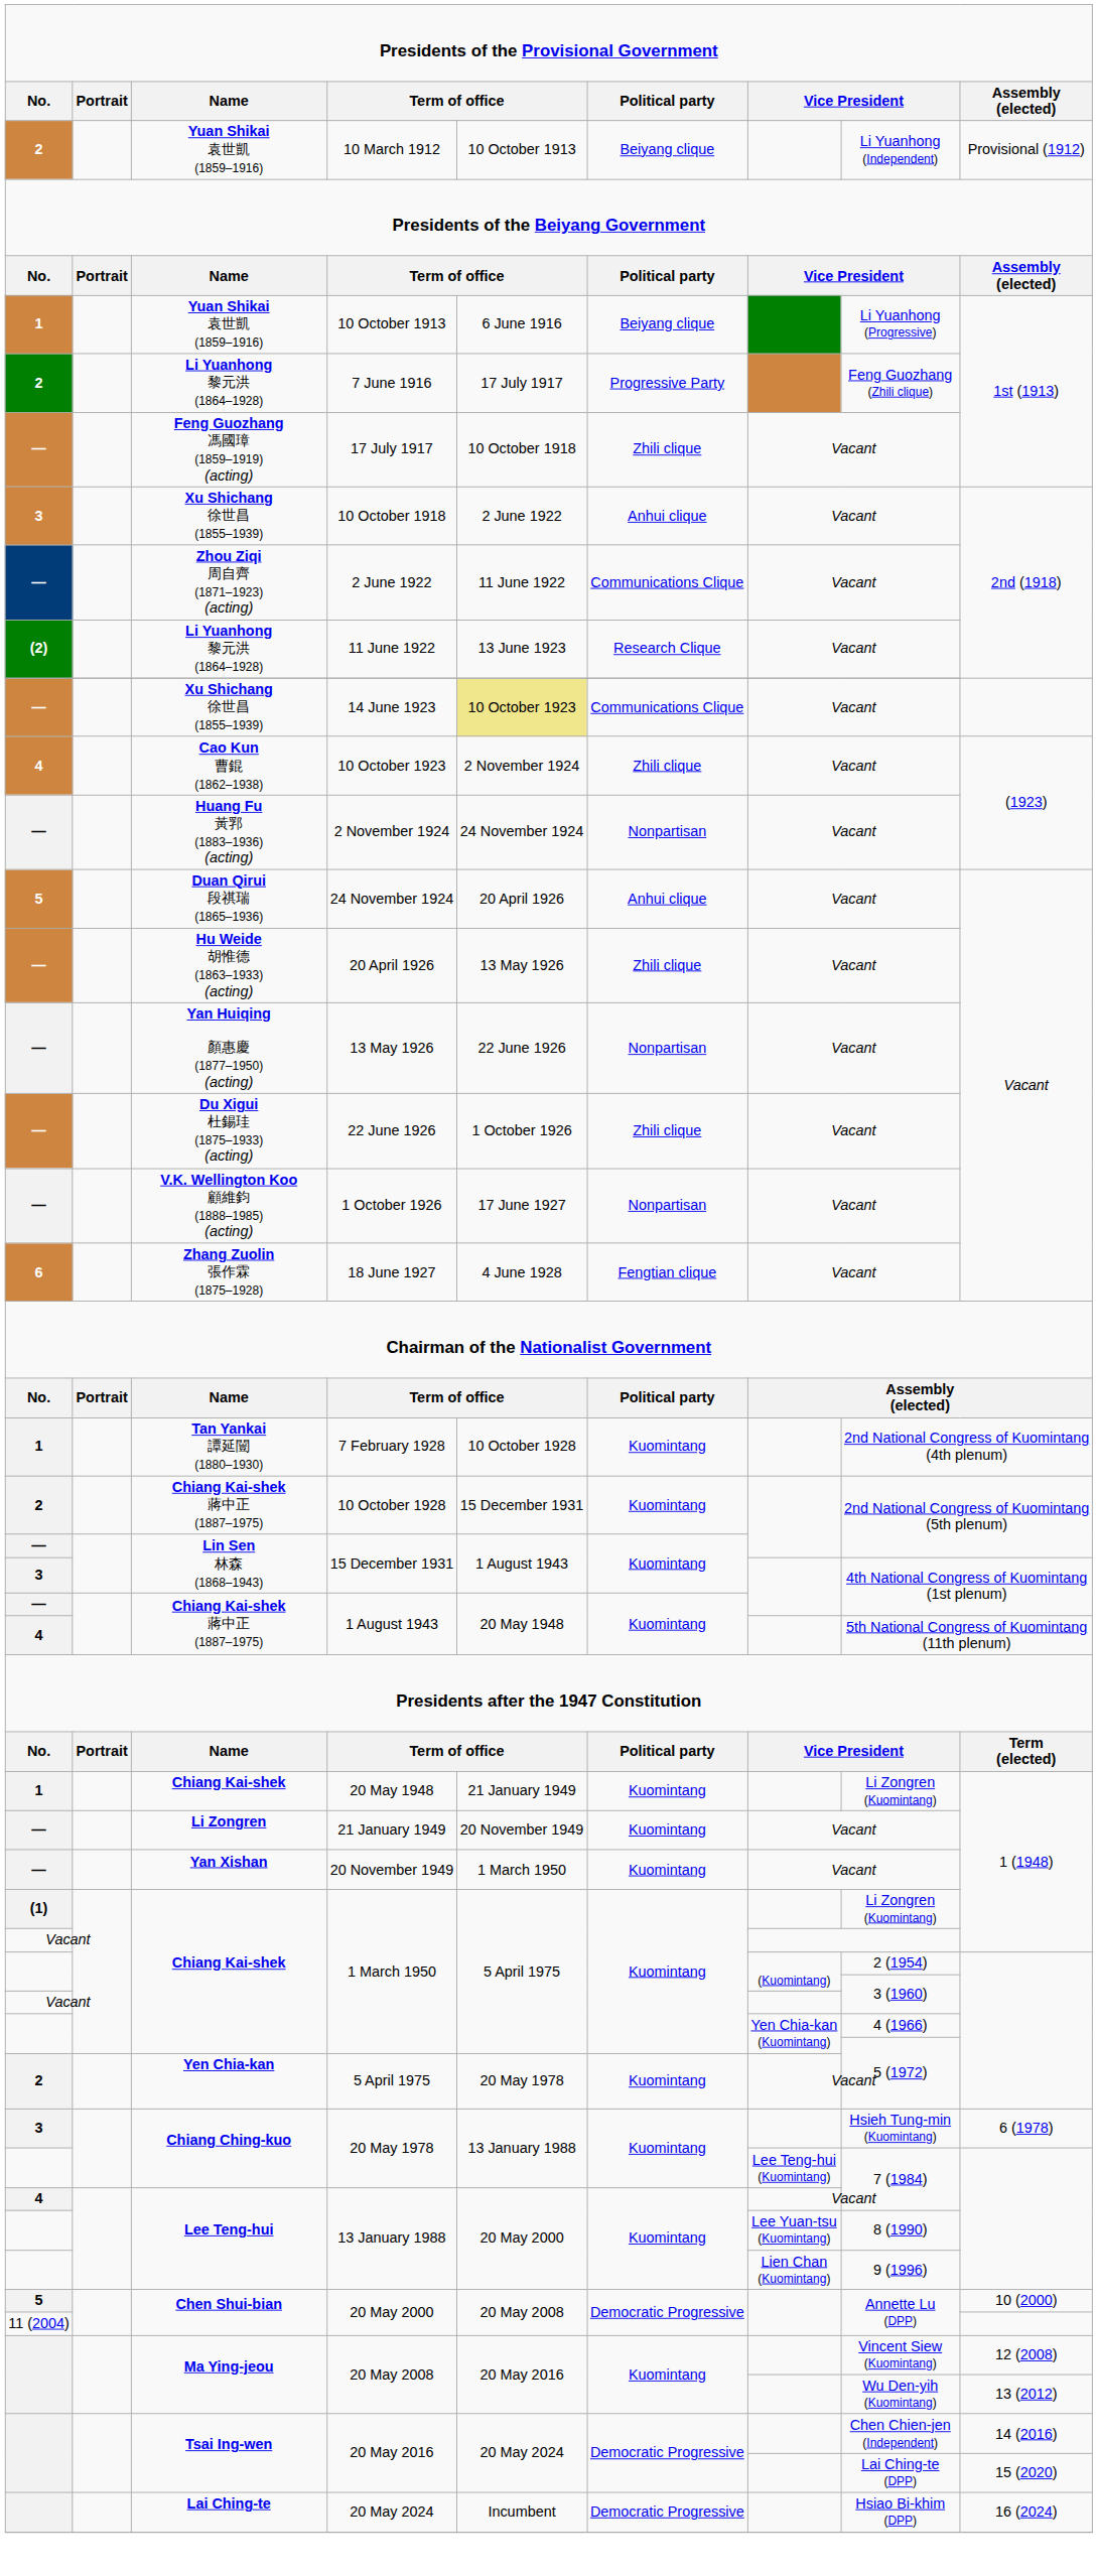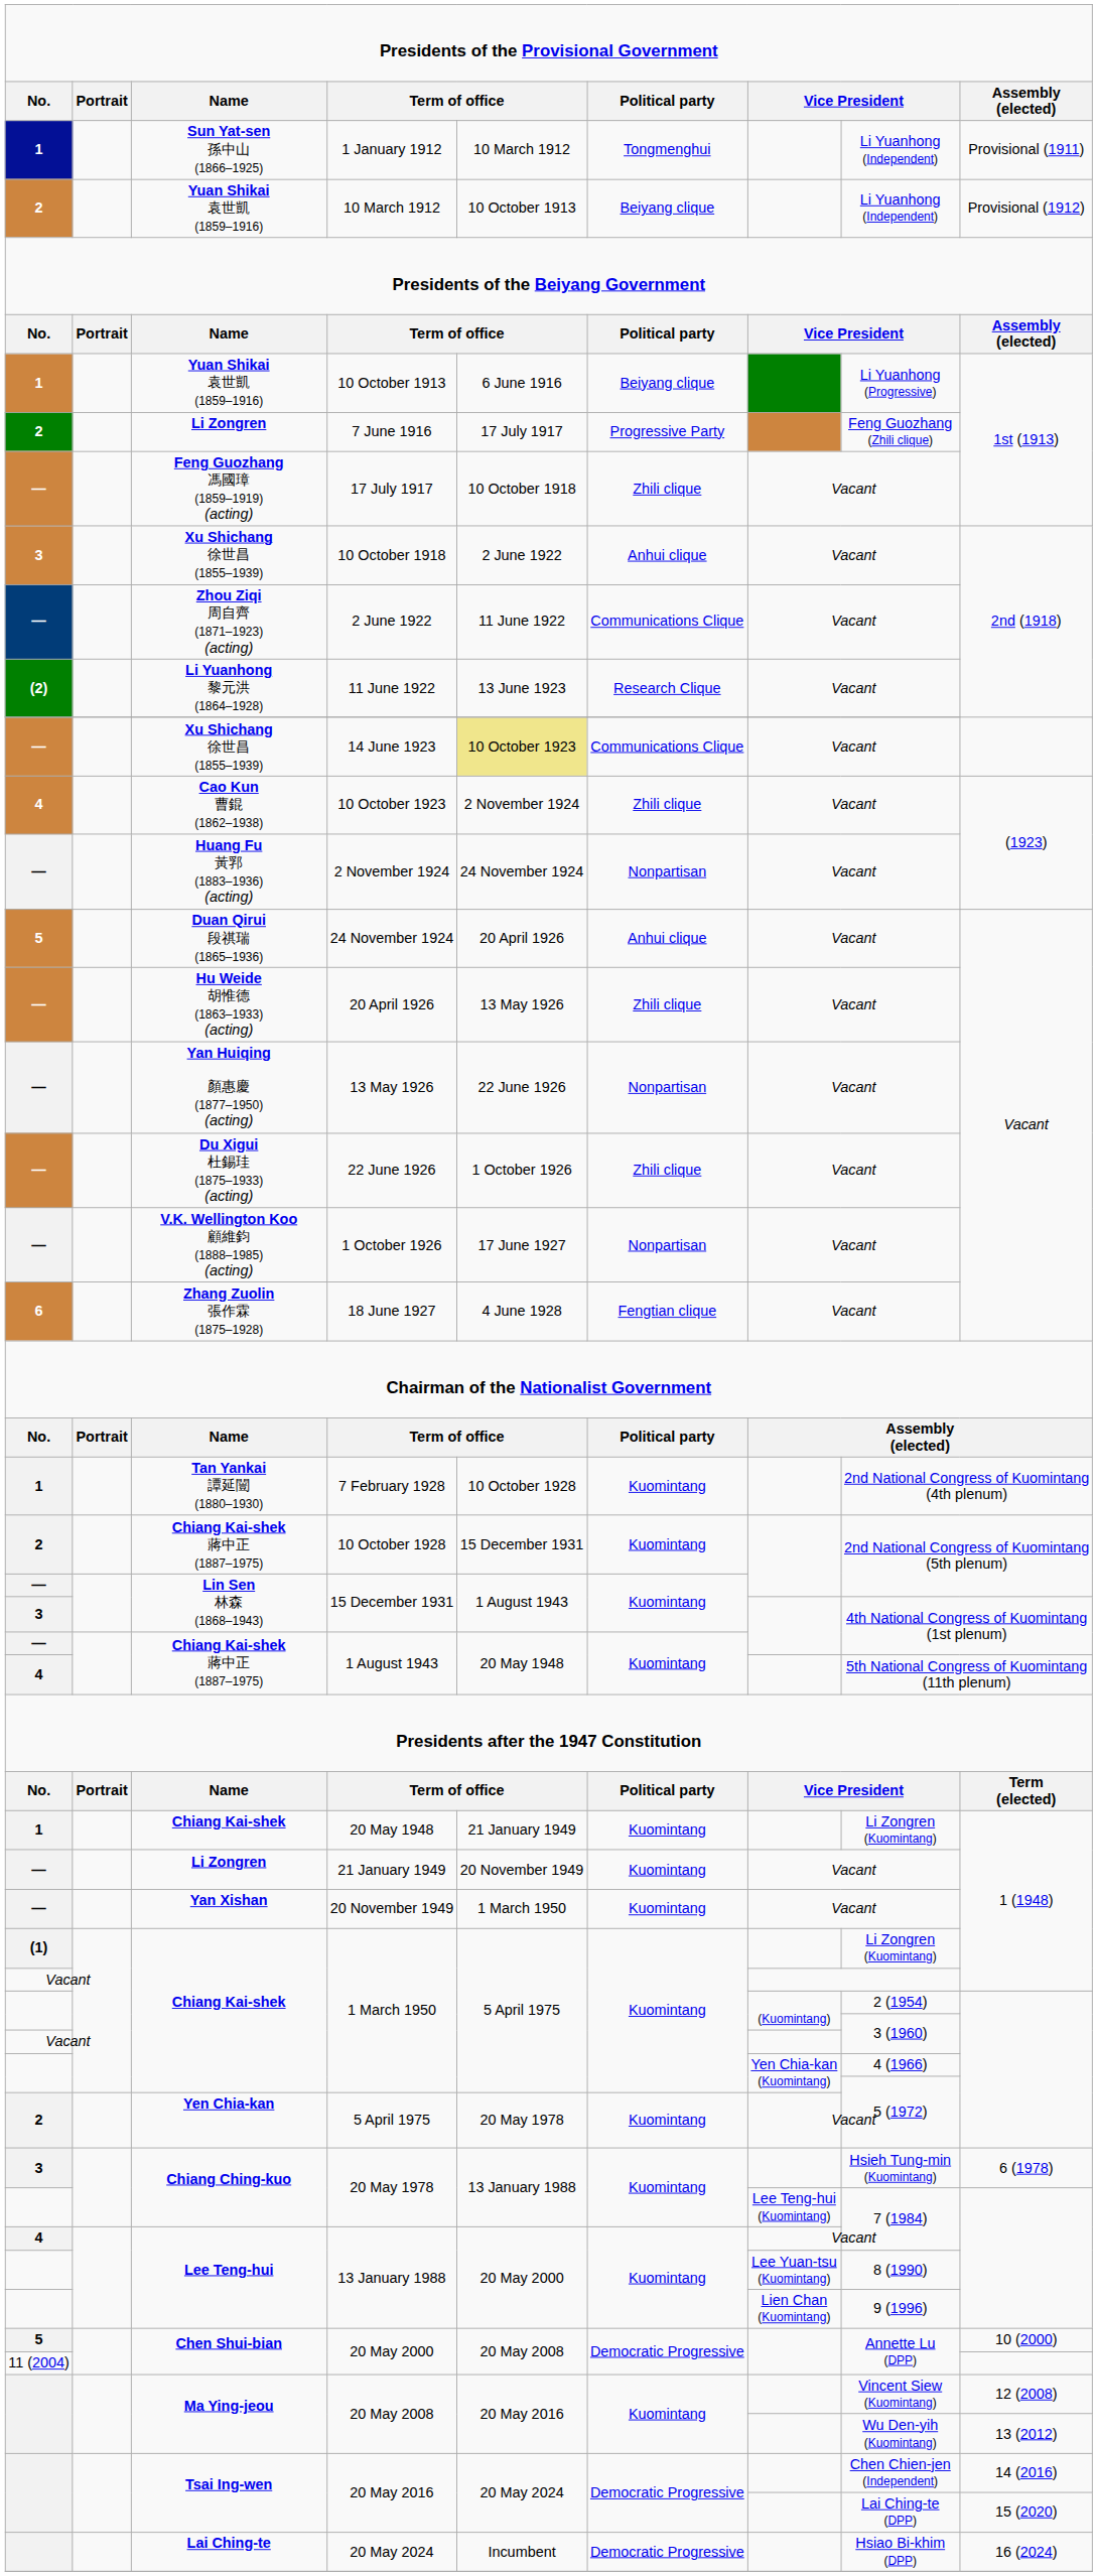 <table class="wikitable" style="margin:1em auto; text-align:center">
 <tr>
 <td colspan=9><br><h3>Presidents of the <a href='#'>Provisional Government</a></h3></td>
 </tr>
 <tr>
 <th>No.</th>
 <th>Portrait</th>
 <th width=18%>Name<br></th>
 <th colspan=2>Term of office</th>
 <th>Political party</th>
 <th colspan=2><a href='#'>Vice President</a></th>
 <th>Assembly<br>(elected)</th>
+</tr>
+<tr>
+<th style="background:#031096; color:white;">1</th>
+<td></td>
+<td align=center><strong><a href='#'>Sun Yat-sen</a></strong><br><span>孫中山</span><br><small>(1866–1925)</small></td>
+<td>1 January 1912</td>
+<td>10 March 1912</td>
+<td><a href='#'>Tongmenghui</a></td>
+<td></td>
+<td><a href='#'>Li Yuanhong</a> <br><small>(<a href='#'>Independent</a>)</small></td>
+<td align="center">Provisional (<a href='#'>1911</a>)</td>
 </tr>
 <tr>
 <th style="background:#CD853F; color:white;">2</th>
 <td></td>
 <td align=center><strong><a href='#'>Yuan Shikai</a></strong><br><span>袁世凱</span><br><small>(1859–1916)</small></td>
 <td>10 March 1912</td>
 <td>10 October 1913</td>
 <td><a href='#'>Beiyang clique</a></td>
 <td></td>
 <td><a href='#'>Li Yuanhong</a> <br><small>(<a href='#'>Independent</a>)</small></td>
 <td align="center">Provisional (<a href='#'>1912</a>)</td>
 </tr>
 <tr>
 <td colspan=9><br><h3>Presidents of the <a href='#'>Beiyang Government</a></h3></td>
 </tr>
 <tr>
 <th>No.</th>
 <th>Portrait</th>
 <th width=18%>Name<br></th>
 <th colspan=2>Term of office</th>
 <th>Political party</th>
 <th colspan=2><a href='#'>Vice President</a></th>
 <th><a href='#'>Assembly</a><br>(elected)</th>
 </tr>
 <tr>
 <th style="background:#CD853F; color:white;">1</th>
 <td></td>
 <td align=center><strong><a href='#'>Yuan Shikai</a></strong><br><span>袁世凱</span><br><small>(1859–1916)</small></td>
 <td>10 October 1913</td>
 <td>6 June 1916</td>
 <td><a href='#'>Beiyang clique</a></td>
 <td bgcolor=#008000></td>
 <td><a href='#'>Li Yuanhong</a><br> <small>(<a href='#'>Progressive</a>)</small></td>
 <td rowspan=3><a href='#'>1st</a> (<a href='#'>1913</a>)</td>
 </tr>
 <tr ->
 <th style="background:#008000; color:white;">2</th>
 <td></td>
-<td align=center><strong><a href='#'>Li Yuanhong</a></strong><br><span>黎元洪</span><br><small>(1864–1928)</small></td>
+<td><strong><a href='#'>Li Zongren</a></strong><br><br></td>
 <td>7 June 1916</td>
 <td>17 July 1917</td>
 <td><a href='#'>Progressive Party</a></td>
 <td bgcolor=#CD853F></td>
 <td><a href='#'>Feng Guozhang</a><br> <small>(<a href='#'>Zhili clique</a>)</small></td>
 </tr>
 <tr>
 <th style="background:#CD853F; color:white;">—</th>
 <td></td>
 <td align=center><strong><a href='#'>Feng Guozhang</a></strong><br><span>馮國璋</span><br><small>(1859–1919)</small><br><em>(acting)</em></td>
 <td>17 July 1917</td>
 <td>10 October 1918</td>
 <td><a href='#'>Zhili clique</a></td>
 <td colspan=2><em>Vacant</em></td>
 </tr>
 <tr>
 <th style="background:#CD853F; color:white;">3</th>
 <td></td>
 <td align=center><strong><a href='#'>Xu Shichang</a></strong><br><span>徐世昌</span><br><small>(1855–1939)</small></td>
 <td>10 October 1918</td>
 <td>2 June 1922</td>
 <td><a href='#'>Anhui clique</a></td>
 <td colspan=2><em>Vacant</em></td>
 <td rowspan=4><a href='#'>2nd</a> (<a href='#'>1918</a>)</td>
 </tr>
 <tr>
 <th style="background:#013C78; color:white;">—</th>
 <td></td>
 <td align=center><strong><a href='#'>Zhou Ziqi</a></strong><br><span>周自齊</span><br><small>(1871–1923)</small><br><em>(acting)</em></td>
 <td>2 June 1922</td>
 <td>11 June 1922</td>
 <td><a href='#'>Communications Clique</a></td>
 <td colspan=2><em>Vacant</em></td>
 </tr>
 <tr>
 <th style="background:#008000; color:white;">(2)</th>
 <td></td>
 <td align=center><strong><a href='#'>Li Yuanhong</a></strong><br><span>黎元洪</span><br><small>(1864–1928)</small></td>
 <td>11 June 1922</td>
 <td>13 June 1923</td>
 <td><a href='#'>Research Clique</a></td>
 <td colspan=2><em>Vacant</em></td>
 </tr>
 <tr>
 </tr>
 <tr>
 <th style="background:#CD853F; color:white;">—</th>
 <td></td>
 <td align=center><strong><a href='#'>Xu Shichang</a></strong><br><span>徐世昌</span><br><small>(1855–1939)</small></td>
 <td>14 June 1923</td>
 <td style="background: khaki;">10 October 1923</td>
 <td><a href='#'>Communications Clique</a></td>
 <td colspan=2><em>Vacant</em></td>
 </tr>
 <tr>
 <th style="background:#CD853F; color:white;">4</th>
 <td></td>
 <td align=center><strong><a href='#'>Cao Kun</a></strong><br><span>曹錕</span><br><small>(1862–1938)</small></td>
 <td>10 October 1923</td>
 <td>2 November 1924</td>
 <td><a href='#'>Zhili clique</a></td>
 <td colspan=2><em>Vacant</em></td>
 <td rowspan=3>(<a href='#'>1923</a>)</td>
 </tr>
 <tr>
 <th style="background:">—</th>
 <td></td>
 <td align=center><strong><a href='#'>Huang Fu</a></strong><br><span>黃郛</span><br><small>(1883–1936)</small><br><em>(acting)</em></td>
 <td>2 November 1924</td>
 <td>24 November 1924</td>
 <td><a href='#'>Nonpartisan</a></td>
 <td colspan=2><em>Vacant</em></td>
 </tr>
 <tr>
 <th rowspan=2 style="background:#CD853F; color:white;">5</th>
 <td rowspan=2></td>
 <td rowspan=2 align=center><strong><a href='#'>Duan Qirui</a></strong><br><span>段祺瑞</span><br><small>(1865–1936)<br></small></td>
 <td rowspan=2>24 November 1924</td>
 <td rowspan=2>20 April 1926</td>
 <td rowspan=2><a href='#'>Anhui clique</a></td>
 <td rowspan=2 colspan=2><em>Vacant</em></td>
 </tr>
 <tr>
 <td rowspan=6><em>Vacant</em></td>
 </tr>
 <tr>
 <th style="background:#CD853F; color:white;">—</th>
 <td></td>
 <td><strong><a href='#'>Hu Weide</a></strong><br><span>胡惟德</span><br><small>(1863–1933)</small><br><em>(acting)</em></td>
 <td>20 April 1926</td>
 <td>13 May 1926</td>
 <td><a href='#'>Zhili clique</a></td>
 <td colspan=2><em>Vacant</em></td>
 </tr>
 <tr>
 <th style="background:">—</th>
 <td></td>
 <td><strong><a href='#'>Yan Huiqing<br></a></strong><br><span>顏惠慶</span><br><small>(1877–1950)</small><br><em>(acting)</em></td>
 <td>13 May 1926</td>
 <td>22 June 1926</td>
 <td><a href='#'>Nonpartisan</a></td>
 <td colspan=2><em>Vacant</em></td>
 </tr>
 <tr>
 <th style="background:#CD853F; color:white;">—</th>
 <td></td>
 <td><strong><a href='#'>Du Xigui</a></strong><br><span>杜錫珪</span><br><small>(1875–1933)</small><br><em>(acting)</em></td>
 <td>22 June 1926</td>
 <td>1 October 1926</td>
 <td><a href='#'>Zhili clique</a></td>
 <td colspan=2><em>Vacant</em></td>
 </tr>
 <tr>
 <th style="background:">—</th>
 <td></td>
 <td><strong><a href='#'>V.K. Wellington Koo</a></strong><br><span>顧維鈞</span><br><small>(1888–1985)</small><br><em>(acting)</em></td>
 <td>1 October 1926</td>
 <td>17 June 1927</td>
 <td><a href='#'>Nonpartisan</a></td>
 <td colspan=2><em>Vacant</em></td>
 </tr>
 <tr>
 <th style="background:#CD853F; color:white;">6</th>
 <td></td>
 <td align=center><strong><a href='#'>Zhang Zuolin</a></strong><br><span>張作霖</span><br><small>(1875–1928)</small></td>
 <td>18 June 1927</td>
 <td>4 June 1928</td>
 <td><a href='#'>Fengtian clique</a></td>
 <td colspan=2><em>Vacant</em></td>
 </tr>
 <tr>
 <td colspan=9><br><h3>Chairman of the <a href='#'>Nationalist Government</a></h3></td>
 </tr>
 <tr>
 <th>No.</th>
 <th>Portrait</th>
 <th width=18%>Name<br></th>
 <th colspan=2>Term of office</th>
 <th>Political party</th>
 <th colspan=3>Assembly<br>(elected)</th>
 </tr>
 <tr>
 <th style="background:">1</th>
 <td></td>
 <td align=center><strong><a href='#'>Tan Yankai</a></strong><br><span>譚延闓</span><br><small>(1880–1930)</small></td>
 <td>7 February 1928</td>
 <td>10 October 1928</td>
 <td><a href='#'>Kuomintang</a></td>
 <td></td>
 <td colspan=2><a href='#'>2nd National Congress of Kuomintang</a><br>(4th plenum)</td>
 </tr>
 <tr>
 <th style="background:">2</th>
 <td></td>
 <td align=center><strong><a href='#'>Chiang Kai-shek</a></strong><br><span>蔣中正</span><br><small>(1887–1975)</small></td>
 <td>10 October 1928</td>
 <td>15 December 1931</td>
 <td><a href='#'>Kuomintang</a></td>
 <td rowspan=2></td>
 <td colspan=2 rowspan=2><a href='#'>2nd National Congress of Kuomintang</a><br>(5th plenum)</td>
 </tr>
 <tr>
 <th style="background:">—</th>
 <td rowspan=2></td>
 <td rowspan=2 align=center><strong><a href='#'>Lin Sen</a></strong><br><span>林森</span><br><small>(1868–1943)</small></td>
 <td rowspan=2>15 December 1931</td>
 <td rowspan=2>1 August 1943</td>
 <td rowspan=2><a href='#'>Kuomintang</a></td>
 </tr>
 <tr>
 <th style="background:">3</th>
 <td rowspan=2></td>
 <td rowspan=2 colspan=2><a href='#'>4th National Congress of Kuomintang</a><br>(1st plenum)</td>
 </tr>
 <tr>
 <th style="background:">—</th>
 <td rowspan=2></td>
 <td rowspan=2 align=center><strong><a href='#'>Chiang Kai-shek</a></strong><br><span>蔣中正</span><br><small>(1887–1975)</small></td>
 <td rowspan=2>1 August 1943</td>
 <td rowspan=2>20 May 1948</td>
 <td rowspan=2><a href='#'>Kuomintang</a></td>
 </tr>
 <tr>
 <th style="background:">4</th>
 <td></td>
 <td colspan=2><a href='#'>5th National Congress of Kuomintang</a><br>(11th plenum)</td>
 </tr>
 <tr>
 <td colspan=9><br><h3>Presidents after the 1947 Constitution</h3></td>
 </tr>
 <tr>
 <th>No.</th>
 <th>Portrait</th>
 <th width=18%>Name<br></th>
 <th colspan=2>Term of office</th>
 <th>Political party</th>
 <th colspan=2><a href='#'>Vice President</a></th>
 <th>Term<br>(elected)</th>
 </tr>
 <tr>
 <th style="background:">1</th>
 <td></td>
 <td><strong><a href='#'>Chiang Kai-shek</a></strong><br><br></td>
 <td>20 May 1948</td>
 <td>21 January 1949</td>
 <td><a href='#'>Kuomintang</a></td>
 <td></td>
 <td><a href='#'>Li Zongren</a> <br><small>(<a href='#'>Kuomintang</a>)</small></td>
 <td rowspan=5>1 (<a href='#'>1948</a>)</td>
 </tr>
 <tr>
 <th style="background:">—</th>
 <td></td>
 <td><strong><a href='#'>Li Zongren</a></strong><br><br></td>
 <td>21 January 1949</td>
 <td>20 November 1949</td>
 <td><a href='#'>Kuomintang</a></td>
 <td colspan=2><em>Vacant</em></td>
 </tr>
 <tr>
 <th style="background:">—</th>
 <td></td>
 <td><strong><a href='#'>Yan Xishan</a></strong><br><br></td>
 <td>20 November 1949</td>
 <td>1 March 1950</td>
 <td><a href='#'>Kuomintang</a></td>
 <td colspan=2><em>Vacant</em></td>
 </tr>
 <tr>
 <th style="background:">(1)</th>
 <td rowspan=7></td>
 <td rowspan=7 align=center><strong><a href='#'>Chiang Kai-shek</a></strong><br><br></td>
 <td rowspan=7>1 March 1950</td>
 <td rowspan=7>5 April 1975</td>
 <td rowspan=7><a href='#'>Kuomintang</a></td>
 <td></td>
 <td><a href='#'>Li Zongren</a><br><small>(<a href='#'>Kuomintang</a>)</small></td>
 </tr>
 <tr>
 <td colspan=2><em>Vacant</em></td>
 </tr>
 <tr>
 <td rowspan=2></td>
 <td rowspan=2><br><small>(<a href='#'>Kuomintang</a>)</small></td>
 <td>2 (<a href='#'>1954</a>)</td>
 </tr>
 <tr>
 <td rowspan=2>3 (<a href='#'>1960</a>)</td>
 </tr>
 <tr>
 <td colspan=2><em>Vacant</em></td>
 </tr>
 <tr>
 <td rowspan=2></td>
 <td rowspan=2><a href='#'>Yen Chia-kan</a><br><small>(<a href='#'>Kuomintang</a>)</small></td>
 <td>4 (<a href='#'>1966</a>)</td>
 </tr>
 <tr>
 <td rowspan=2>5 (<a href='#'>1972</a>)</td>
 </tr>
 <tr>
 <th style="background:">2</th>
 <td></td>
 <td><strong><a href='#'>Yen Chia-kan</a></strong><br><br><br></td>
 <td>5 April 1975</td>
 <td>20 May 1978</td>
 <td><a href='#'>Kuomintang</a></td>
 <td colspan=2><em>Vacant</em></td>
 </tr>
 <tr>
 <th style="background:">3</th>
 <td rowspan=2></td>
 <td rowspan=2 align=center><strong><a href='#'>Chiang Ching-kuo</a></strong><br><br></td>
 <td rowspan=2>20 May 1978</td>
 <td rowspan=2>13 January 1988</td>
 <td rowspan=2><a href='#'>Kuomintang</a></td>
 <td></td>
 <td><a href='#'>Hsieh Tung-min</a> <br><small>(<a href='#'>Kuomintang</a>)</small></td>
 <td>6 (<a href='#'>1978</a>)</td>
 </tr>
 <tr>
 <td></td>
 <td><a href='#'>Lee Teng-hui</a><br><small>(<a href='#'>Kuomintang</a>)</small></td>
 <td rowspan=2>7 (<a href='#'>1984</a>)</td>
 </tr>
 <tr>
 <th style="background:">4</th>
 <td rowspan=3></td>
 <td rowspan=3 align=center><strong><a href='#'>Lee Teng-hui</a></strong><br><br></td>
 <td rowspan=3>13 January 1988</td>
 <td rowspan=3>20 May 2000</td>
 <td rowspan=3><a href='#'>Kuomintang</a></td>
 <td colspan=2><em>Vacant</em></td>
 </tr>
 <tr>
 <td></td>
 <td><a href='#'>Lee Yuan-tsu</a><br><small>(<a href='#'>Kuomintang</a>)</small></td>
 <td>8 (<a href='#'>1990</a>)</td>
 </tr>
 <tr>
 <td></td>
 <td><a href='#'>Lien Chan</a><br><small>(<a href='#'>Kuomintang</a>)</small></td>
 <td>9 (<a href='#'>1996</a>)</td>
 </tr>
 <tr>
 <th style="background:">5</th>
 <td rowspan=2></td>
 <td rowspan=2 align=center><strong><a href='#'>Chen Shui-bian</a></strong><br><br></td>
 <td rowspan=2>20 May 2000</td>
 <td rowspan=2>20 May 2008</td>
 <td rowspan=2><a href='#'>Democratic Progressive</a></td>
 <td rowspan=2></td>
 <td rowspan=2><a href='#'>Annette Lu</a><br><small>(<a href='#'>DPP</a>)</small></td>
 <td>10 (<a href='#'>2000</a>)</td>
 </tr>
 <tr>
 <td>11 (<a href='#'>2004</a>)</td>
 </tr>
 <tr>
 <th rowspan=2 style="background:"><a href='#'></a></th>
 <td rowspan=2></td>
 <td rowspan=2 align=center><strong><a href='#'>Ma Ying-jeou</a></strong><br><br></td>
 <td rowspan=2>20 May 2008</td>
 <td rowspan=2>20 May 2016</td>
 <td rowspan=2><a href='#'>Kuomintang</a></td>
 <td></td>
 <td><a href='#'>Vincent Siew</a><br><small>(<a href='#'>Kuomintang</a>)</small></td>
 <td>12 (<a href='#'>2008</a>)</td>
 </tr>
 <tr>
 <td></td>
 <td><a href='#'>Wu Den-yih</a> <br><small>(<a href='#'>Kuomintang</a>)</small></td>
 <td>13 (<a href='#'>2012</a>)</td>
 </tr>
 <tr>
 <th rowspan=2 style="background:"><a href='#'></a></th>
 <td rowspan=2></td>
 <td rowspan=2><strong><a href='#'>Tsai Ing-wen</a></strong><br><br></td>
 <td rowspan=2>20 May 2016</td>
 <td rowspan=2>20 May 2024</td>
 <td rowspan=2><a href='#'>Democratic Progressive</a></td>
 <td></td>
 <td><a href='#'>Chen Chien-jen</a><br><small>(<a href='#'>Independent</a>)</small></td>
 <td>14 (<a href='#'>2016</a>)</td>
 </tr>
 <tr>
 <td></td>
 <td><a href='#'>Lai Ching-te</a><br><small>(<a href='#'>DPP</a>)</small></td>
 <td>15 (<a href='#'>2020</a>)</td>
 </tr>
 <tr>
 <th rowspan=1 style="background:"><a href='#'></a></th>
 <td rowspan=1></td>
 <td rowspan=1><strong><a href='#'>Lai Ching-te</a></strong><br><br></td>
 <td rowspan=1>20 May 2024</td>
 <td rowspan=1>Incumbent</td>
 <td rowspan=1><a href='#'>Democratic Progressive</a></td>
 <td></td>
 <td><a href='#'>Hsiao Bi-khim</a><br><small>(<a href='#'>DPP</a>)</small></td>
 <td>16 (<a href='#'>2024</a>)</td>
 </tr>
 <tr>
 </tr>
 </table>
